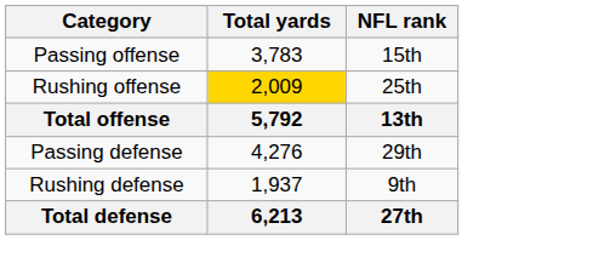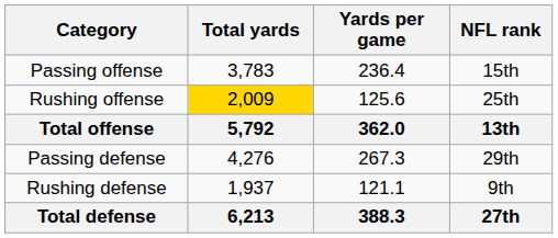 <table class="wikitable" style="text-align:center">
 <tr>
 <th width="150">Category</th>
 <th width="100">Total yards</th>
+<th width="110">Yards per game</th>
 <th width="80">NFL rank<br></th>
 </tr>
 <tr>
 <td>Passing offense</td>
 <td>3,783</td>
+<td>236.4</td>
 <td>15th</td>
 </tr>
 <tr>
 <td>Rushing offense</td>
 <td style="background: gold;">2,009</td>
+<td>125.6</td>
 <td>25th</td>
 </tr>
 <tr>
 <th>Total offense</th>
 <th>5,792</th>
+<th>362.0</th>
 <th>13th</th>
 </tr>
 <tr>
 <td>Passing defense</td>
 <td>4,276</td>
+<td>267.3</td>
 <td>29th</td>
 </tr>
 <tr>
 <td>Rushing defense</td>
 <td>1,937</td>
+<td>121.1</td>
 <td>9th</td>
 </tr>
 <tr>
 <th>Total defense</th>
 <th>6,213</th>
+<th>388.3</th>
 <th>27th</th>
 </tr>
 </table>
